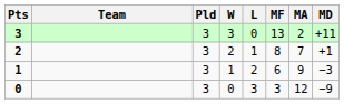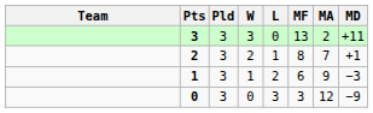 <table class=wikitable style="text-align:center">
 <tr>
+<th width=175>Team</th>
 <th width=20>Pts</th>
-<th width=175>Team</th>
 <th width=20>Pld</th>
 <th width=20>W</th>
 <th width=20>L</th>
 <th width=20>MF</th>
 <th width=20>MA</th>
 <th width=20>MD</th>
 </tr>
 <tr bgcolor=#ccffcc>
+<td align=left></td>
 <td><strong>3</strong></td>
-<td align=left></td>
 <td>3</td>
 <td>3</td>
 <td>0</td>
 <td>13</td>
 <td>2</td>
 <td>+11</td>
 </tr>
 <tr>
+<td align=left></td>
 <td><strong>2</strong></td>
-<td align=left></td>
 <td>3</td>
 <td>2</td>
 <td>1</td>
 <td>8</td>
 <td>7</td>
 <td>+1</td>
 </tr>
 <tr>
+<td align=left></td>
 <td><strong>1</strong></td>
-<td align=left></td>
 <td>3</td>
 <td>1</td>
 <td>2</td>
 <td>6</td>
 <td>9</td>
 <td>−3</td>
 </tr>
 <tr>
+<td align=left></td>
 <td><strong>0</strong></td>
-<td align=left></td>
 <td>3</td>
 <td>0</td>
 <td>3</td>
 <td>3</td>
 <td>12</td>
 <td>−9</td>
 </tr>
 </table>
